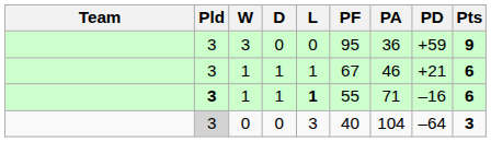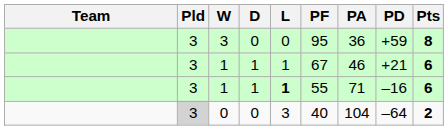 <table class="wikitable" style="text-align:center;">
 <tr>
 <th width=175>Team</th>
 <th width=25 abbr="Played">Pld</th>
 <th width=25 abbr="Won">W</th>
 <th width=25 abbr="Drawn">D</th>
 <th width=25 abbr="Lost">L</th>
 <th width=32 abbr="Points for">PF</th>
 <th width=32 abbr="Points against">PA</th>
 <th width=32 abbr="Points difference">PD</th>
 <th width=25 abbr="Points">Pts</th>
 </tr>
 <tr bgcolor=ccffcc>
 <td align=left></td>
 <td>3</td>
 <td>3</td>
 <td>0</td>
 <td>0</td>
 <td>95</td>
 <td>36</td>
 <td>+59</td>
-<td><strong>9</strong></td>
+<td><strong>8</strong></td>
 </tr>
 <tr bgcolor=ccffcc>
 <td align=left></td>
 <td>3</td>
 <td>1</td>
 <td>1</td>
 <td>1</td>
 <td>67</td>
 <td>46</td>
 <td>+21</td>
 <td><strong>6</strong></td>
 </tr>
 <tr bgcolor=ccffcc>
 <td align=left></td>
-<td><strong>3</strong></td>
+<td>3</td>
 <td>1</td>
 <td>1</td>
 <td><strong>1</strong></td>
 <td>55</td>
 <td>71</td>
 <td>–16</td>
 <td><strong>6</strong></td>
 </tr>
 <tr>
 <td align=left></td>
 <td style="background: lightgrey;">3</td>
 <td>0</td>
 <td>0</td>
 <td>3</td>
 <td>40</td>
 <td>104</td>
 <td>–64</td>
-<td><strong>3</strong></td>
+<td><strong>2</strong></td>
 </tr>
 </table>
